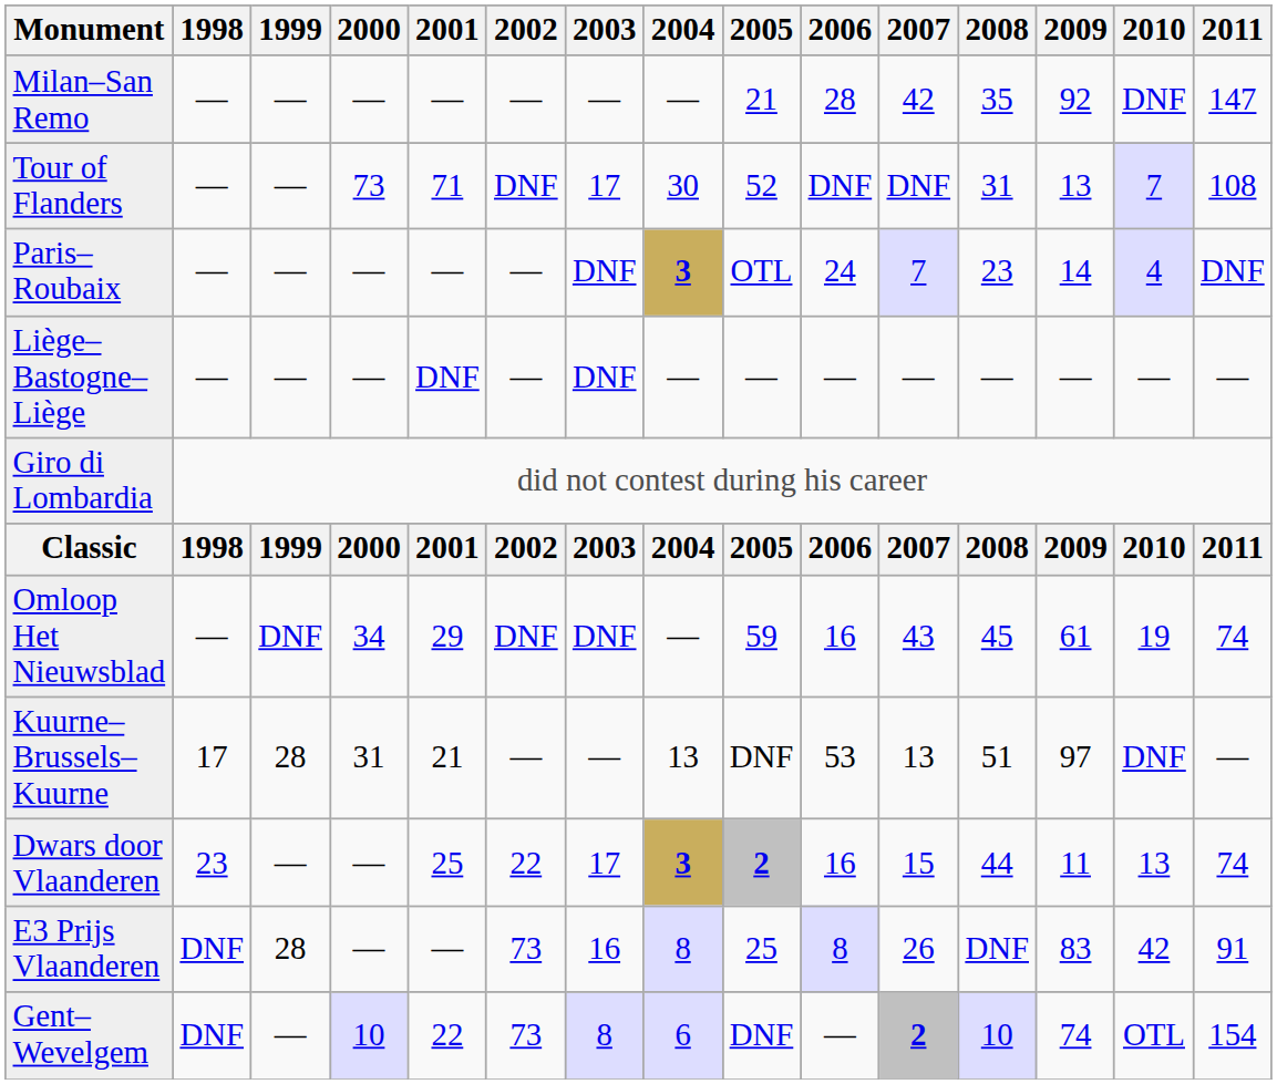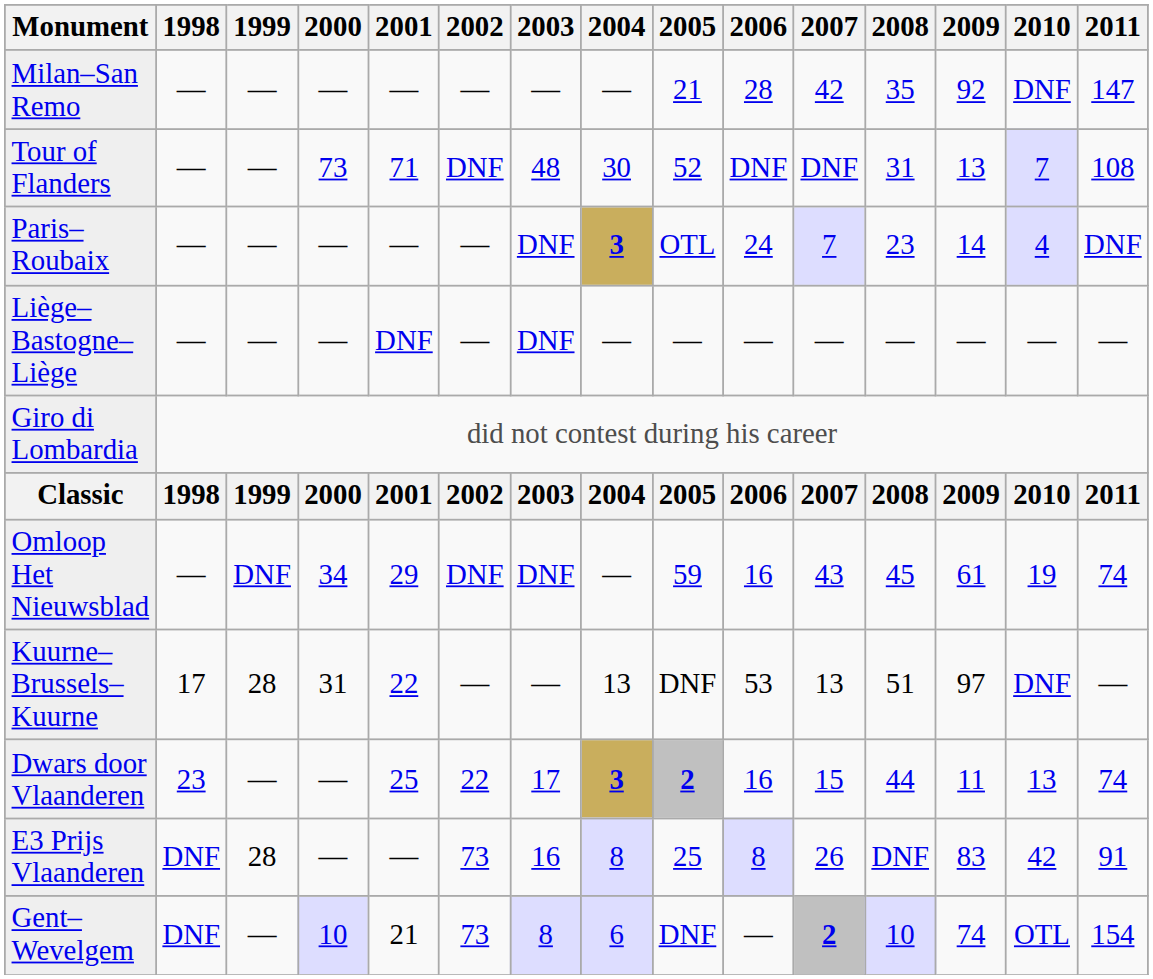 <table class="wikitable">
 <tr>
 <th>Monument</th>
 <th scope="col">1998</th>
 <th scope="col">1999</th>
 <th scope="col">2000</th>
 <th scope="col">2001</th>
 <th scope="col">2002</th>
 <th scope="col">2003</th>
 <th scope="col">2004</th>
 <th scope="col">2005</th>
 <th scope="col">2006</th>
 <th scope="col">2007</th>
 <th scope="col">2008</th>
 <th scope="col">2009</th>
 <th scope="col">2010</th>
 <th scope="col">2011</th>
 </tr>
 <tr style="text-align:center;">
 <td style="text-align:left; background:#efefef;"><a href='#'>Milan–San Remo</a></td>
 <td>—</td>
 <td>—</td>
 <td>—</td>
 <td>—</td>
 <td>—</td>
 <td>—</td>
 <td>—</td>
 <td><a href='#'>21</a></td>
 <td><a href='#'>28</a></td>
 <td><a href='#'>42</a></td>
 <td><a href='#'>35</a></td>
 <td><a href='#'>92</a></td>
 <td><a href='#'>DNF</a></td>
 <td><a href='#'>147</a></td>
 </tr>
 <tr style="text-align:center;">
 <td style="text-align:left; background:#efefef;"><a href='#'>Tour of Flanders</a></td>
 <td>—</td>
 <td>—</td>
 <td><a href='#'>73</a></td>
 <td><a href='#'>71</a></td>
 <td><a href='#'>DNF</a></td>
-<td><a href='#'>17</a></td>
+<td><a href='#'>48</a></td>
 <td><a href='#'>30</a></td>
 <td><a href='#'>52</a></td>
 <td><a href='#'>DNF</a></td>
 <td><a href='#'>DNF</a></td>
 <td><a href='#'>31</a></td>
 <td><a href='#'>13</a></td>
 <td style="background:#ddf;"><a href='#'>7</a></td>
 <td><a href='#'>108</a></td>
 </tr>
 <tr style="text-align:center;">
 <td style="text-align:left; background:#efefef;"><a href='#'>Paris–Roubaix</a></td>
 <td>—</td>
 <td>—</td>
 <td>—</td>
 <td>—</td>
 <td>—</td>
 <td><a href='#'>DNF</a></td>
 <td style="background:#C9AE5D;"><a href='#'><strong>3</strong></a></td>
 <td><a href='#'>OTL</a></td>
 <td><a href='#'>24</a></td>
 <td style="background:#ddf;"><a href='#'>7</a></td>
 <td><a href='#'>23</a></td>
 <td><a href='#'>14</a></td>
 <td style="background:#ddf;"><a href='#'>4</a></td>
 <td><a href='#'>DNF</a></td>
 </tr>
 <tr style="text-align:center;">
 <td style="text-align:left; background:#efefef;"><a href='#'>Liège–Bastogne–Liège</a></td>
 <td>—</td>
 <td>—</td>
 <td>—</td>
 <td><a href='#'>DNF</a></td>
 <td>—</td>
 <td><a href='#'>DNF</a></td>
 <td>—</td>
 <td>—</td>
 <td>—</td>
 <td>—</td>
 <td>—</td>
 <td>—</td>
 <td>—</td>
 <td>—</td>
 </tr>
 <tr style="text-align:center;">
 <td style="text-align:left; background:#efefef;"><a href='#'>Giro di Lombardia</a></td>
 <td style="color:#4d4d4d;" colspan=14>did not contest during his career</td>
 </tr>
 <tr>
 <th>Classic</th>
 <th scope="col">1998</th>
 <th scope="col">1999</th>
 <th scope="col">2000</th>
 <th scope="col">2001</th>
 <th scope="col">2002</th>
 <th scope="col">2003</th>
 <th scope="col">2004</th>
 <th scope="col">2005</th>
 <th scope="col">2006</th>
 <th scope="col">2007</th>
 <th scope="col">2008</th>
 <th scope="col">2009</th>
 <th scope="col">2010</th>
 <th scope="col">2011</th>
 </tr>
 <tr style="text-align:center;">
 <td style="text-align:left; background:#efefef;"><a href='#'>Omloop Het Nieuwsblad</a></td>
 <td>—</td>
 <td><a href='#'>DNF</a></td>
 <td><a href='#'>34</a></td>
 <td><a href='#'>29</a></td>
 <td><a href='#'>DNF</a></td>
 <td><a href='#'>DNF</a></td>
 <td>—</td>
 <td><a href='#'>59</a></td>
 <td><a href='#'>16</a></td>
 <td><a href='#'>43</a></td>
 <td><a href='#'>45</a></td>
 <td><a href='#'>61</a></td>
 <td><a href='#'>19</a></td>
 <td><a href='#'>74</a></td>
 </tr>
 <tr style="text-align:center;">
 <td style="text-align:left; background:#efefef;"><a href='#'>Kuurne–Brussels–Kuurne</a></td>
 <td>17</td>
 <td>28</td>
 <td>31</td>
-<td>21</td>
+<td><a href='#'>22</a></td>
 <td>—</td>
 <td>—</td>
 <td>13</td>
 <td>DNF</td>
 <td>53</td>
 <td>13</td>
 <td>51</td>
 <td>97</td>
 <td><a href='#'>DNF</a></td>
 <td>—</td>
 </tr>
 <tr style="text-align:center;">
 <td style="text-align:left; background:#efefef;"><a href='#'>Dwars door Vlaanderen</a></td>
 <td><a href='#'>23</a></td>
 <td>—</td>
 <td>—</td>
 <td><a href='#'>25</a></td>
 <td><a href='#'>22</a></td>
 <td><a href='#'>17</a></td>
 <td style="background:#C9AE5D;"><a href='#'><strong>3</strong></a></td>
 <td style="background:silver;"><a href='#'><strong>2</strong></a></td>
 <td><a href='#'>16</a></td>
 <td><a href='#'>15</a></td>
 <td><a href='#'>44</a></td>
 <td><a href='#'>11</a></td>
 <td><a href='#'>13</a></td>
 <td><a href='#'>74</a></td>
 </tr>
 <tr style="text-align:center;">
 <td style="text-align:left; background:#efefef;"><a href='#'>E3 Prijs Vlaanderen</a></td>
 <td><a href='#'>DNF</a></td>
 <td>28</td>
 <td>—</td>
 <td>—</td>
 <td><a href='#'>73</a></td>
 <td><a href='#'>16</a></td>
 <td style="background:#ddf;"><a href='#'>8</a></td>
 <td><a href='#'>25</a></td>
 <td style="background:#ddf;"><a href='#'>8</a></td>
 <td><a href='#'>26</a></td>
 <td><a href='#'>DNF</a></td>
 <td><a href='#'>83</a></td>
 <td><a href='#'>42</a></td>
 <td><a href='#'>91</a></td>
 </tr>
 <tr style="text-align:center;">
 <td style="text-align:left; background:#efefef;"><a href='#'>Gent–Wevelgem</a></td>
 <td><a href='#'>DNF</a></td>
 <td>—</td>
 <td style="background:#ddf;"><a href='#'>10</a></td>
-<td><a href='#'>22</a></td>
+<td>21</td>
 <td><a href='#'>73</a></td>
 <td style="background:#ddf;"><a href='#'>8</a></td>
 <td style="background:#ddf;"><a href='#'>6</a></td>
 <td><a href='#'>DNF</a></td>
 <td>—</td>
 <td style="background:silver;"><a href='#'><strong>2</strong></a></td>
 <td style="background:#ddf;"><a href='#'>10</a></td>
 <td><a href='#'>74</a></td>
 <td><a href='#'>OTL</a></td>
 <td><a href='#'>154</a></td>
 </tr>
 </table>
